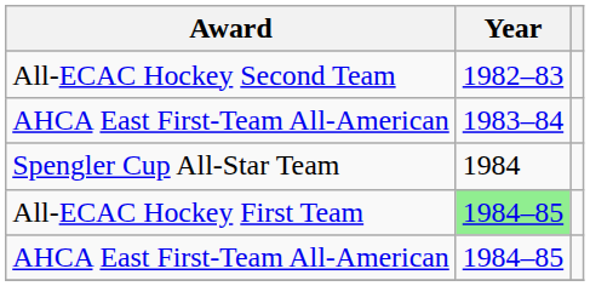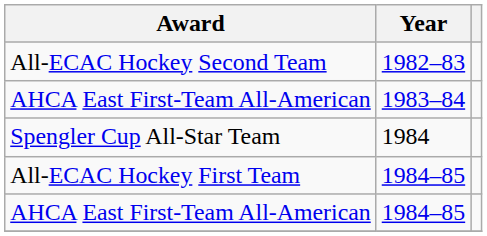 <table class="wikitable">
 <tr>
 <th>Award</th>
 <th>Year</th>
 <th></th>
 </tr>
 <tr>
 <td>All-<a href='#'>ECAC Hockey</a> <a href='#'>Second Team</a></td>
 <td><a href='#'>1982–83</a></td>
 <td></td>
 </tr>
 <tr>
 <td><a href='#'>AHCA</a> <a href='#'>East First-Team All-American</a></td>
 <td><a href='#'>1983–84</a></td>
 <td></td>
 </tr>
 <tr>
 <td><a href='#'>Spengler Cup</a> All-Star Team</td>
 <td>1984</td>
 <td></td>
 </tr>
 <tr>
 <td>All-<a href='#'>ECAC Hockey</a> <a href='#'>First Team</a></td>
-<td style="background: lightgreen;"><a href='#'>1984–85</a></td>
+<td><a href='#'>1984–85</a></td>
 <td></td>
 </tr>
 <tr>
 <td><a href='#'>AHCA</a> <a href='#'>East First-Team All-American</a></td>
 <td><a href='#'>1984–85</a></td>
 <td></td>
 </tr>
 <tr>
 </tr>
 </table>
